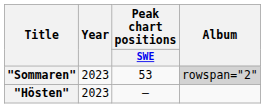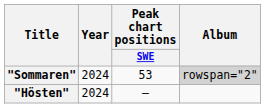 <table class="wikitable plainrowheaders" style="text-align:center;">
 <tr>
 <th scope="col" rowspan="2">Title</th>
 <th scope="col" rowspan="2">Year</th>
 <th scope="col" colspan="1">Peak chart positions</th>
 <th scope="col" rowspan="2">Album</th>
 </tr>
 <tr>
 <th scope="col" style="width:3em;font-size:85%;"><a href='#'>SWE</a><br></th>
 </tr>
 <tr>
 <th scope="row">"Sommaren"<br></th>
-<td>2023</td>
+<td>2024</td>
 <td>53</td>
 <td style="background: lightgrey;">rowspan="2" </td>
 </tr>
 <tr>
 <th scope="row">"Hösten"<br></th>
-<td>2023</td>
+<td>2024</td>
 <td>—</td>
 </tr>
 </table>
